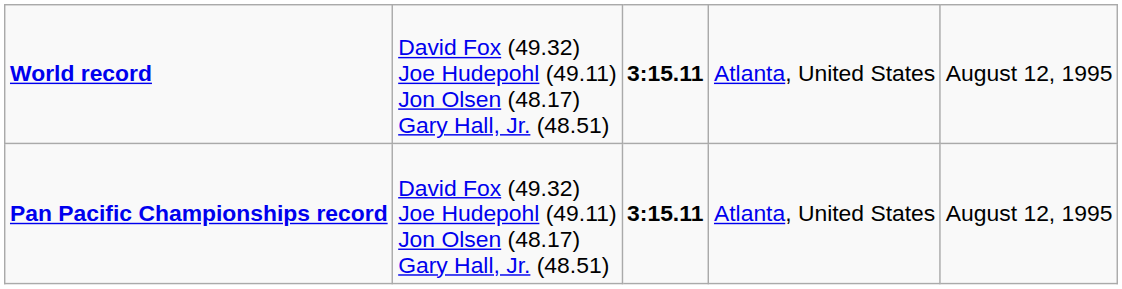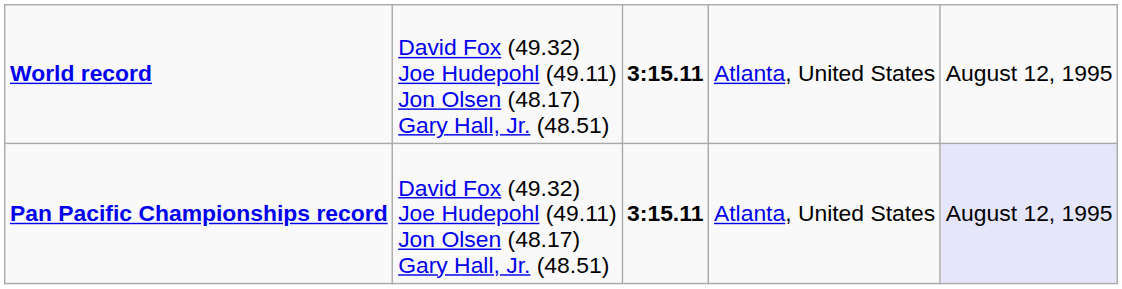 <table class="wikitable">
 <tr>
 <td><strong><a href='#'>World record</a></strong></td>
 <td><br><a href='#'>David Fox</a> (49.32) <br><a href='#'>Joe Hudepohl</a> (49.11)<br><a href='#'>Jon Olsen</a> (48.17)<br><a href='#'>Gary Hall, Jr.</a> (48.51)</td>
 <td><strong>3:15.11</strong></td>
 <td><a href='#'>Atlanta</a>, United States</td>
 <td>August 12, 1995</td>
 </tr>
 <tr>
 <td><strong><a href='#'>Pan Pacific Championships record</a></strong></td>
 <td><br><a href='#'>David Fox</a> (49.32)<br><a href='#'>Joe Hudepohl</a> (49.11)<br><a href='#'>Jon Olsen</a> (48.17)<br><a href='#'>Gary Hall, Jr.</a> (48.51)</td>
 <td><strong>3:15.11</strong></td>
 <td><a href='#'>Atlanta</a>, United States</td>
-<td>August 12, 1995</td>
+<td style="background: lavender;">August 12, 1995</td>
 </tr>
 </table>
